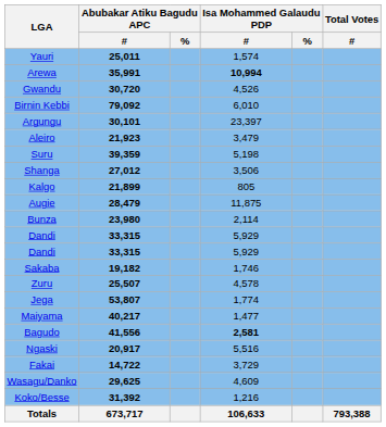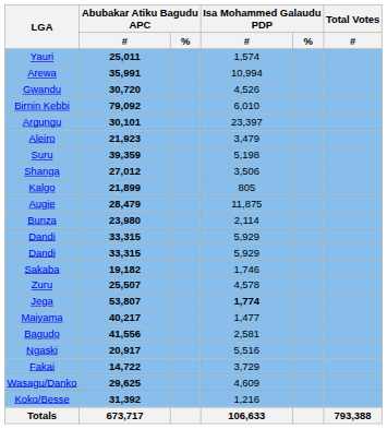 <table class="wikitable sortable" style=" font-size: 95%">
 <tr>
 <th rowspan="2">LGA</th>
 <th colspan="2">Abubakar Atiku Bagudu<br>APC</th>
 <th colspan="2">Isa Mohammed Galaudu<br>PDP</th>
 <th>Total Votes</th>
 </tr>
 <tr>
 <th>#</th>
 <th>%</th>
 <th>#</th>
 <th>%</th>
 <th>#</th>
 </tr>
 <tr>
 <td bgcolor=#87BEEB align="center"><a href='#'>Yauri</a></td>
 <td bgcolor=#87BEEB align="center"><strong>25,011</strong></td>
 <td bgcolor=#87BEEB align="center"></td>
 <td bgcolor=#87BEEB align="center">1,574</td>
 <td bgcolor=#87BEEB align="center"></td>
 <td bgcolor=#87BEEB align="center"></td>
 </tr>
 <tr>
 <td bgcolor=#87BEEB align="center"><a href='#'>Arewa</a></td>
 <td bgcolor=#87BEEB align="center"><strong>35,991</strong></td>
 <td bgcolor=#87BEEB align="center"></td>
-<td bgcolor=#87BEEB align="center"><strong>10,994</strong></td>
+<td bgcolor=#87BEEB align="center">10,994</td>
 <td bgcolor=#87BEEB align="center"></td>
 <td bgcolor=#87BEEB align="center"></td>
 </tr>
 <tr>
 <td bgcolor=#87BEEB align="center"><a href='#'>Gwandu</a></td>
 <td bgcolor=#87BEEB align="center"><strong>30,720</strong></td>
 <td bgcolor=#87BEEB align="center"></td>
 <td bgcolor=#87BEEB align="center">4,526</td>
 <td bgcolor=#87BEEB align="center"></td>
 <td bgcolor=#87BEEB align="center"></td>
 </tr>
 <tr>
 <td bgcolor=#87BEEB align="center"><a href='#'>Birnin Kebbi</a></td>
 <td bgcolor=#87BEEB align="center"><strong>79,092</strong></td>
 <td bgcolor=#87BEEB align="center"></td>
 <td bgcolor=#87BEEB align="center">6,010</td>
 <td bgcolor=#87BEEB align="center"></td>
 <td bgcolor=#87BEEB align="center"></td>
 </tr>
 <tr>
 <td bgcolor=#87BEEB align="center"><a href='#'>Argungu</a></td>
 <td bgcolor=#87BEEB align="center"><strong>30,101</strong></td>
 <td bgcolor=#87BEEB align="center"></td>
 <td bgcolor=#87BEEB align="center">23,397</td>
 <td bgcolor=#87BEEB align="center"></td>
 <td bgcolor=#87BEEB align="center"></td>
 </tr>
 <tr>
 <td bgcolor=#87BEEB align="center"><a href='#'>Aleiro</a></td>
 <td bgcolor=#87BEEB align="center"><strong>21,923</strong></td>
 <td bgcolor=#87BEEB align="center"></td>
 <td bgcolor=#87BEEB align="center">3,479</td>
 <td bgcolor=#87BEEB align="center"></td>
 <td bgcolor=#87BEEB align="center"></td>
 </tr>
 <tr>
 <td bgcolor=#87BEEB align="center"><a href='#'>Suru</a></td>
 <td bgcolor=#87BEEB align="center"><strong>39,359</strong></td>
 <td bgcolor=#87BEEB align="center"></td>
 <td bgcolor=#87BEEB align="center">5,198</td>
 <td bgcolor=#87BEEB align="center"></td>
 <td bgcolor=#87BEEB align="center"></td>
 </tr>
 <tr>
 <td bgcolor=#87BEEB align="center"><a href='#'>Shanga</a></td>
 <td bgcolor=#87BEEB align="center"><strong>27,012</strong></td>
 <td bgcolor=#87BEEB align="center"></td>
 <td bgcolor=#87BEEB align="center">3,506</td>
 <td bgcolor=#87BEEB align="center"></td>
 <td bgcolor=#87BEEB align="center"></td>
 </tr>
 <tr>
 <td bgcolor=#87BEEB align="center"><a href='#'>Kalgo</a></td>
 <td bgcolor=#87BEEB align="center"><strong>21,899</strong></td>
 <td bgcolor=#87BEEB align="center"></td>
 <td bgcolor=#87BEEB align="center">805</td>
 <td bgcolor=#87BEEB align="center"></td>
 <td bgcolor=#87BEEB align="center"></td>
 </tr>
 <tr>
 <td bgcolor=#87BEEB align="center"><a href='#'>Augie</a></td>
 <td bgcolor=#87BEEB align="center"><strong>28,479</strong></td>
 <td bgcolor=#87BEEB align="center"></td>
 <td bgcolor=#87BEEB align="center">11,875</td>
 <td bgcolor=#87BEEB align="center"></td>
 <td bgcolor=#87BEEB align="center"></td>
 </tr>
 <tr>
 <td bgcolor=#87BEEB align="center"><a href='#'>Bunza</a></td>
 <td bgcolor=#87BEEB align="center"><strong>23,980</strong></td>
 <td bgcolor=#87BEEB align="center"></td>
 <td bgcolor=#87BEEB align="center">2,114</td>
 <td bgcolor=#87BEEB align="center"></td>
 <td bgcolor=#87BEEB align="center"></td>
 </tr>
 <tr>
 <td bgcolor=#87BEEB align="center"><a href='#'>Dandi</a></td>
 <td bgcolor=#87BEEB align="center"><strong>33,315</strong></td>
 <td bgcolor=#87BEEB align="center"></td>
 <td bgcolor=#87BEEB align="center">5,929</td>
 <td bgcolor=#87BEEB align="center"></td>
 <td bgcolor=#87BEEB align="center"></td>
 </tr>
 <tr>
 <td bgcolor=#87BEEB align="center"><a href='#'>Dandi</a></td>
 <td bgcolor=#87BEEB align="center"><strong>33,315</strong></td>
 <td bgcolor=#87BEEB align="center"></td>
 <td bgcolor=#87BEEB align="center">5,929</td>
 <td bgcolor=#87BEEB align="center"></td>
 <td bgcolor=#87BEEB align="center"></td>
 </tr>
 <tr>
 <td bgcolor=#87BEEB align="center"><a href='#'>Sakaba</a></td>
 <td bgcolor=#87BEEB align="center"><strong>19,182</strong></td>
 <td bgcolor=#87BEEB align="center"></td>
 <td bgcolor=#87BEEB align="center">1,746</td>
 <td bgcolor=#87BEEB align="center"></td>
 <td bgcolor=#87BEEB align="center"></td>
 </tr>
 <tr>
 <td bgcolor=#87BEEB align="center"><a href='#'>Zuru</a></td>
 <td bgcolor=#87BEEB align="center"><strong>25,507</strong></td>
 <td bgcolor=#87BEEB align="center"></td>
 <td bgcolor=#87BEEB align="center">4,578</td>
 <td bgcolor=#87BEEB align="center"></td>
 <td bgcolor=#87BEEB align="center"></td>
 </tr>
 <tr>
 <td bgcolor=#87BEEB align="center"><a href='#'>Jega</a></td>
 <td bgcolor=#87BEEB align="center"><strong>53,807</strong></td>
 <td bgcolor=#87BEEB align="center"></td>
-<td bgcolor=#87BEEB align="center">1,774</td>
+<td bgcolor=#87BEEB align="center"><strong>1,774</strong></td>
 <td bgcolor=#87BEEB align="center"></td>
 <td bgcolor=#87BEEB align="center"></td>
 </tr>
 <tr>
 <td bgcolor=#87BEEB align="center"><a href='#'>Maiyama</a></td>
 <td bgcolor=#87BEEB align="center"><strong>40,217</strong></td>
 <td bgcolor=#87BEEB align="center"></td>
 <td bgcolor=#87BEEB align="center">1,477</td>
 <td bgcolor=#87BEEB align="center"></td>
 <td bgcolor=#87BEEB align="center"></td>
 </tr>
 <tr>
 <td bgcolor=#87BEEB align="center"><a href='#'>Bagudo</a></td>
 <td bgcolor=#87BEEB align="center"><strong>41,556</strong></td>
 <td bgcolor=#87BEEB align="center"></td>
-<td bgcolor=#87BEEB align="center"><strong>2,581</strong></td>
+<td bgcolor=#87BEEB align="center">2,581</td>
 <td bgcolor=#87BEEB align="center"></td>
 <td bgcolor=#87BEEB align="center"></td>
 </tr>
 <tr>
 <td bgcolor=#87BEEB align="center"><a href='#'>Ngaski</a></td>
 <td bgcolor=#87BEEB align="center"><strong>20,917</strong></td>
 <td bgcolor=#87BEEB align="center"></td>
 <td bgcolor=#87BEEB align="center">5,516</td>
 <td bgcolor=#87BEEB align="center"></td>
 <td bgcolor=#87BEEB align="center"></td>
 </tr>
 <tr>
 <td bgcolor=#87BEEB align="center"><a href='#'>Fakai</a></td>
 <td bgcolor=#87BEEB align="center"><strong>14,722</strong></td>
 <td bgcolor=#87BEEB align="center"></td>
 <td bgcolor=#87BEEB align="center">3,729</td>
 <td bgcolor=#87BEEB align="center"></td>
 <td bgcolor=#87BEEB align="center"></td>
 </tr>
 <tr>
 <td bgcolor=#87BEEB align="center"><a href='#'>Wasagu/Danko</a></td>
 <td bgcolor=#87BEEB align="center"><strong>29,625</strong></td>
 <td bgcolor=#87BEEB align="center"></td>
 <td bgcolor=#87BEEB align="center">4,609</td>
 <td bgcolor=#87BEEB align="center"></td>
 <td bgcolor=#87BEEB align="center"></td>
 </tr>
 <tr>
 <td bgcolor=#87BEEB align="center"><a href='#'>Koko/Besse</a></td>
 <td bgcolor=#87BEEB align="center"><strong>31,392</strong></td>
 <td bgcolor=#87BEEB align="center"></td>
 <td bgcolor=#87BEEB align="center">1,216</td>
 <td bgcolor=#87BEEB align="center"></td>
 <td bgcolor=#87BEEB align="center"></td>
 </tr>
 <tr>
 <th>Totals</th>
 <th><strong>673,717</strong></th>
 <th></th>
 <th><strong>106,633</strong></th>
 <th></th>
 <th>793,388</th>
 </tr>
 </table>
